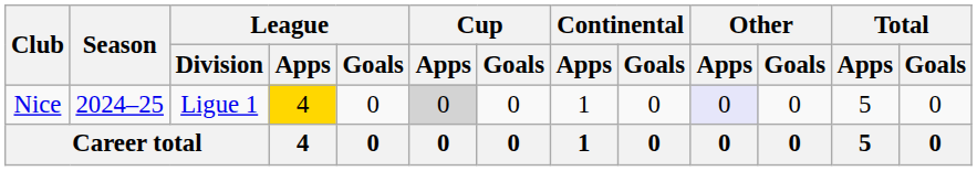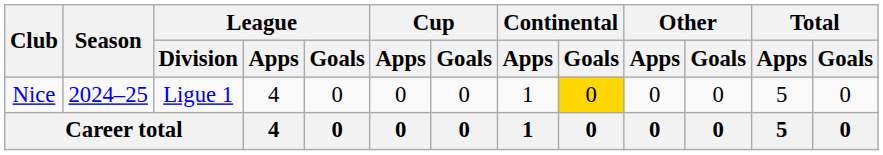 <table class="wikitable" style="text-align:center">
 <tr>
 <th rowspan="2">Club</th>
 <th rowspan="2">Season</th>
 <th colspan="3">League</th>
 <th colspan="2">Cup</th>
 <th colspan="2">Continental</th>
 <th colspan="2">Other</th>
 <th colspan="2">Total</th>
 </tr>
 <tr>
 <th>Division</th>
 <th>Apps</th>
 <th>Goals</th>
 <th>Apps</th>
 <th>Goals</th>
 <th>Apps</th>
 <th>Goals</th>
 <th>Apps</th>
 <th>Goals</th>
 <th>Apps</th>
 <th>Goals</th>
 </tr>
 <tr>
 <td><a href='#'>Nice</a></td>
 <td><a href='#'>2024–25</a></td>
 <td><a href='#'>Ligue 1</a></td>
-<td style="background: gold;">4</td>
+<td>4</td>
 <td>0</td>
-<td style="background: lightgrey;">0</td>
+<td>0</td>
 <td>0</td>
 <td>1</td>
+<td style="background: gold;">0</td>
 <td>0</td>
-<td style="background: lavender;">0</td>
 <td>0</td>
 <td>5</td>
 <td>0</td>
 </tr>
 <tr>
 <th colspan="3">Career total</th>
 <th>4</th>
 <th>0</th>
 <th>0</th>
 <th>0</th>
 <th>1</th>
 <th>0</th>
 <th>0</th>
 <th>0</th>
 <th>5</th>
 <th>0</th>
 </tr>
 </table>
